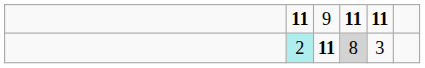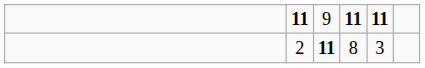 <table class="wikitable">
 <tr>
 <td style="width:15em"></td>
 <td align=center style="width:1em"><strong>11</strong></td>
 <td align=center style="width:1em">9</td>
 <td align=center style="width:1em"><strong>11</strong></td>
 <td align=center style="width:1em"><strong>11</strong></td>
 <td align=center style="width:1em"></td>
 </tr>
 <tr>
 <td style="width:15em"></td>
-<td align=center style="background: paleturquoise; width:1em">2</td>
+<td align=center style="width:1em">2</td>
 <td align=center style="width:1em"><strong>11</strong></td>
-<td align=center style="background: lightgrey; width:1em">8</td>
+<td align=center style="width:1em">8</td>
 <td align=center style="width:1em">3</td>
 <td align=center style="width:1em"></td>
 </tr>
 </table>
